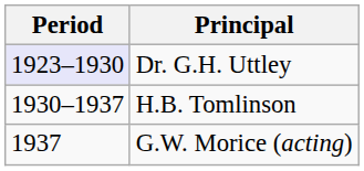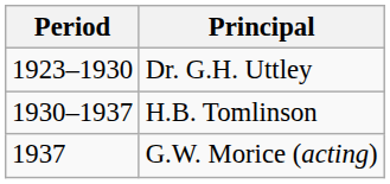 <table class="wikitable">
 <tr>
 <th>Period</th>
 <th>Principal</th>
 </tr>
 <tr>
-<td style="background: lavender;">1923–1930</td>
+<td>1923–1930</td>
 <td>Dr. G.H. Uttley</td>
 </tr>
 <tr>
 <td>1930–1937</td>
 <td>H.B. Tomlinson</td>
 </tr>
 <tr>
 <td>1937</td>
 <td>G.W. Morice (<em>acting</em>)</td>
 </tr>
 </table>
